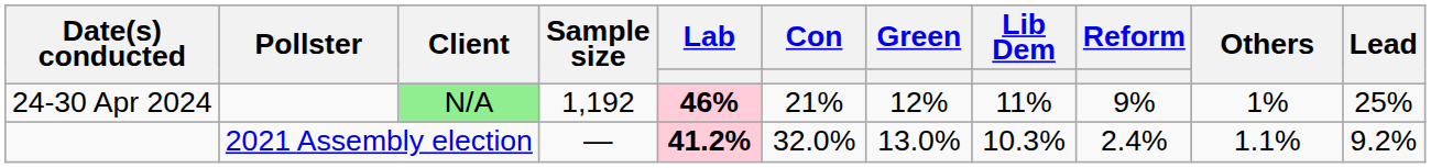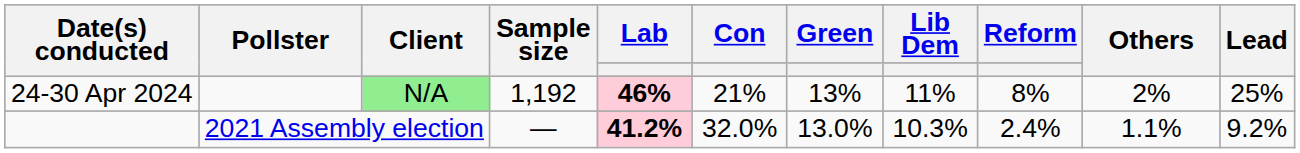 <table class="wikitable sortable mw-datatable" style="text-align:center;line-height:14px;">
 <tr>
 <th rowspan="2">Date(s)<br>conducted</th>
 <th rowspan="2">Pollster</th>
 <th rowspan="2">Client</th>
 <th rowspan="2" data-sort-type="number">Sample<br>size</th>
 <th style="width:50px;" class="unsortable"><a href='#'>Lab</a></th>
 <th style="width:50px;" class="unsortable"><a href='#'>Con</a></th>
 <th style="width:50px;" class="unsortable"><a href='#'>Green</a></th>
 <th style="width:50px;" class="unsortable"><a href='#'>Lib Dem</a></th>
 <th style="width:50px;" class="unsortable"><a href='#'>Reform</a></th>
 <th rowspan="2" class="unsortable" style="width:75px;">Others</th>
 <th rowspan="2" data-sort-type="number">Lead</th>
 </tr>
 <tr>
 <th data-sort-type="number" style="background:"></th>
 <th data-sort-type="number" style="background:"></th>
 <th data-sort-type="number" style="background:"></th>
 <th data-sort-type="number" style="background:"></th>
 <th data-sort-type="number" style="background:"></th>
 </tr>
 <tr>
 <td>24-30 Apr 2024</td>
 <td></td>
 <td style="background: lightgreen;">N/A</td>
 <td>1,192</td>
 <td style="background:#FFCCD9"><strong>46%</strong></td>
 <td>21%</td>
-<td>12%</td>
+<td>13%</td>
 <td>11%</td>
-<td>9%</td>
-<td>1%</td>
+<td>8%</td>
+<td>2%</td>
 <td style="background:">25%</td>
 </tr>
 <tr>
 <td></td>
 <td colspan="2"><a href='#'>2021 Assembly election</a></td>
 <td>—</td>
 <td style="background:#FFCCD9;"><strong>41.2%</strong></td>
 <td>32.0%</td>
 <td>13.0%</td>
 <td>10.3%</td>
 <td>2.4%</td>
 <td>1.1%</td>
 <td style="background:">9.2%</td>
 </tr>
 </table>
